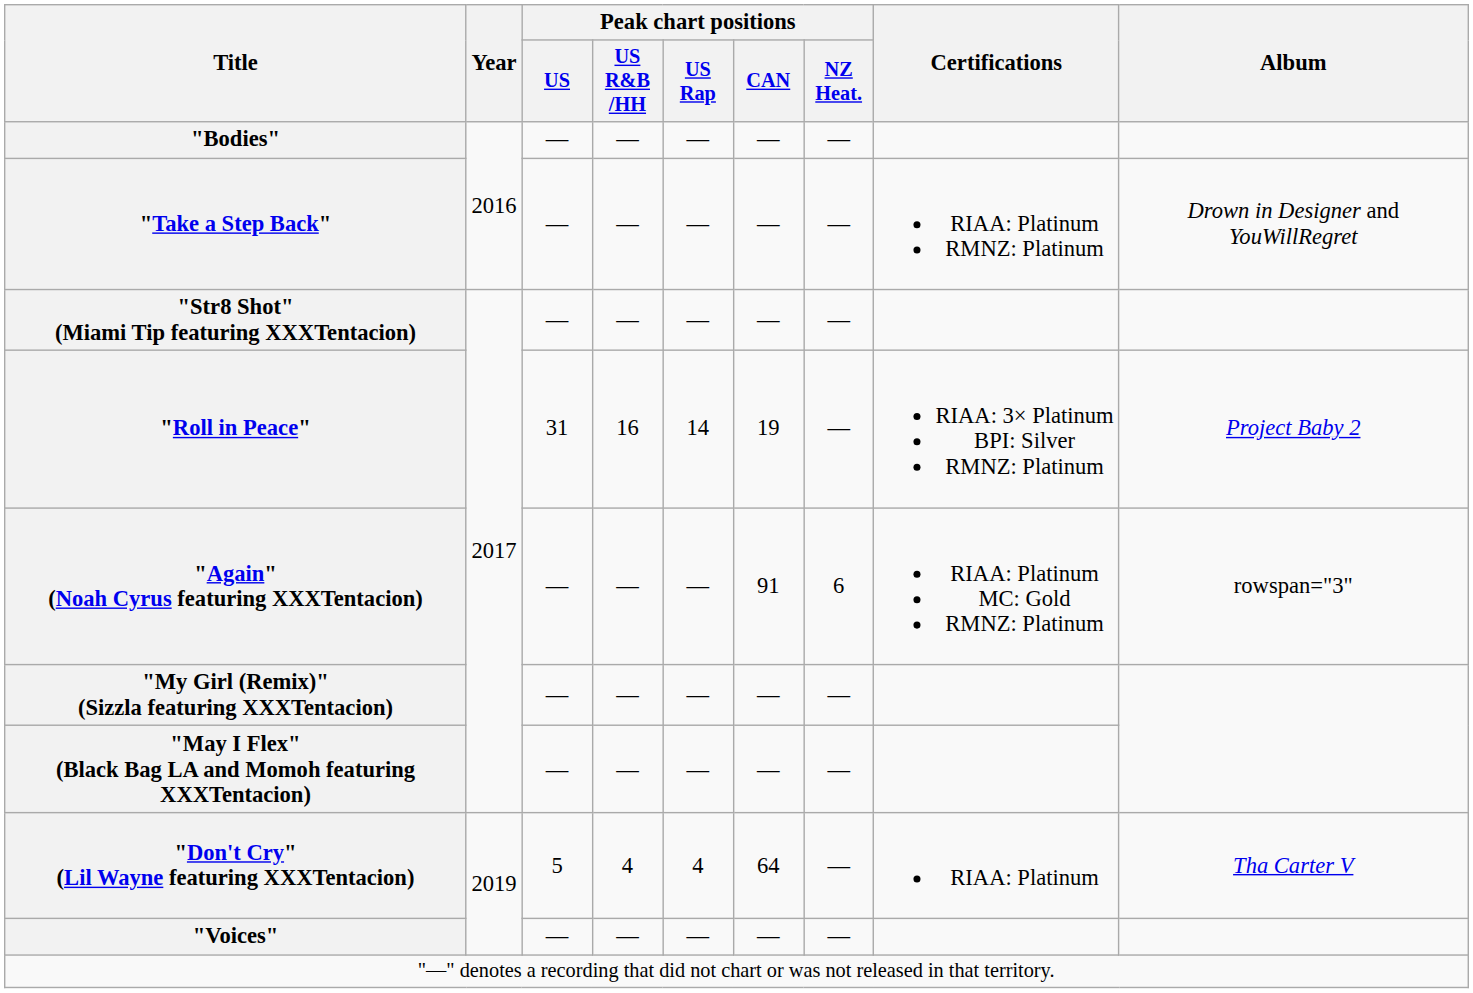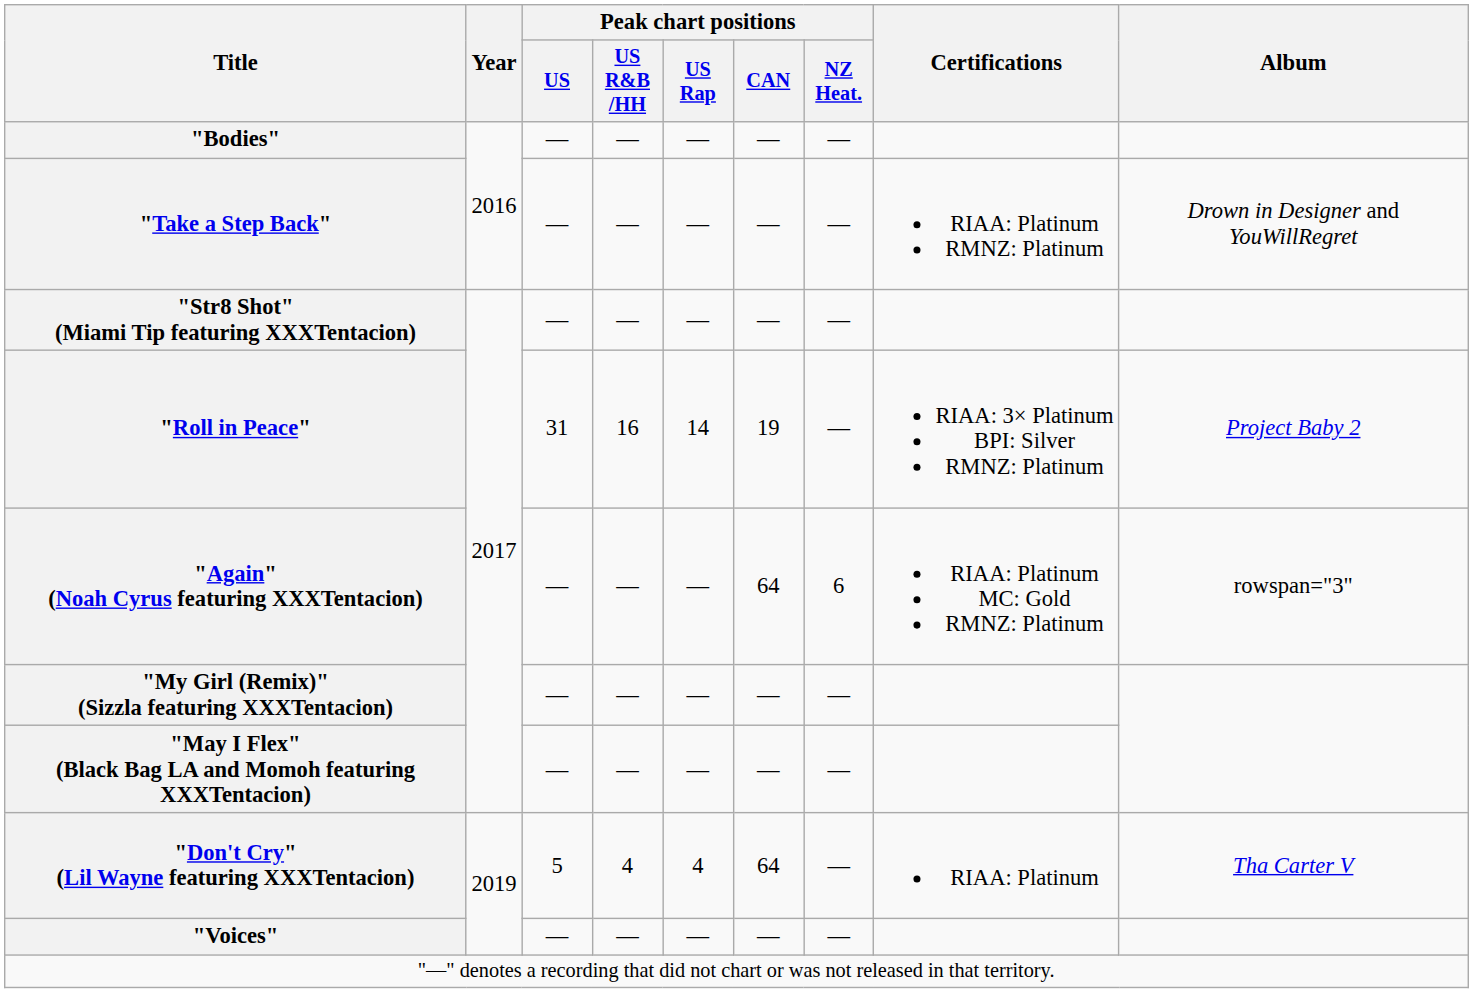 <table class="wikitable plainrowheaders" style="text-align:center;">
 <tr>
 <th scope="col" rowspan="2" style="width:20em;">Title</th>
 <th scope="col" rowspan="2" style="width:1em;">Year</th>
 <th scope="col" colspan="5">Peak chart positions</th>
 <th scope="col" rowspan="2">Certifications</th>
 <th scope="col" rowspan="2" style="width:15em;">Album</th>
 </tr>
 <tr>
 <th scope="col" style="width:3em;font-size:90%;"><a href='#'>US</a><br></th>
 <th scope="col" style="width:3em;font-size:90%;"><a href='#'>US<br>R&B<br>/HH</a><br></th>
 <th scope="col" style="width:3em;font-size:90%;"><a href='#'>US Rap</a><br></th>
 <th scope="col" style="width:3em;font-size:90%;"><a href='#'>CAN</a><br></th>
 <th scope="col" style="width:3em;font-size:90%;"><a href='#'>NZ<br>Heat.</a><br></th>
 </tr>
 <tr>
 <th scope="row">"Bodies"<br></th>
 <td rowspan="2">2016</td>
 <td>—</td>
 <td>—</td>
 <td>—</td>
 <td>—</td>
 <td>—</td>
 <td></td>
 <td></td>
 </tr>
 <tr>
 <th scope="row">"<a href='#'>Take a Step Back</a>"<br></th>
 <td>—</td>
 <td>—</td>
 <td>—</td>
 <td>—</td>
 <td>—</td>
 <td><br><ul><li>RIAA: Platinum</li><li>RMNZ: Platinum</li></ul></td>
 <td><em>Drown in Designer</em> and <em>YouWillRegret</em></td>
 </tr>
 <tr>
 <th scope="row">"Str8 Shot"<br><span>(Miami Tip featuring XXXTentacion)</span></th>
 <td rowspan="5">2017</td>
 <td>—</td>
 <td>—</td>
 <td>—</td>
 <td>—</td>
 <td>—</td>
 <td></td>
 <td></td>
 </tr>
 <tr>
 <th scope="row">"<a href='#'>Roll in Peace</a>"<br></th>
 <td>31</td>
 <td>16</td>
 <td>14</td>
 <td>19</td>
 <td>—</td>
 <td><br><ul><li>RIAA: 3× Platinum</li><li>BPI: Silver</li><li>RMNZ: Platinum</li></ul></td>
 <td><em><a href='#'>Project Baby 2</a></em></td>
 </tr>
 <tr>
 <th scope="row">"<a href='#'>Again</a>"<br><span>(<a href='#'>Noah Cyrus</a> featuring XXXTentacion)</span></th>
 <td>—</td>
 <td>—</td>
 <td>—</td>
-<td>91</td>
+<td>64</td>
 <td>6</td>
 <td><br><ul><li>RIAA: Platinum</li><li>MC: Gold</li><li>RMNZ: Platinum</li></ul></td>
 <td>rowspan="3" </td>
 </tr>
 <tr>
 <th scope="row">"My Girl (Remix)"<br><span>(Sizzla featuring XXXTentacion)</span></th>
 <td>—</td>
 <td>—</td>
 <td>—</td>
 <td>—</td>
 <td>—</td>
 <td></td>
 </tr>
 <tr>
 <th scope="row">"May I Flex"<br><span>(Black Bag LA and Momoh featuring XXXTentacion)</span></th>
 <td>—</td>
 <td>—</td>
 <td>—</td>
 <td>—</td>
 <td>—</td>
 <td></td>
 </tr>
 <tr>
 <th scope="row">"<a href='#'>Don't Cry</a>"<br><span>(<a href='#'>Lil Wayne</a> featuring XXXTentacion)</span></th>
 <td rowspan="2">2019</td>
 <td>5</td>
 <td>4</td>
 <td>4</td>
 <td>64</td>
 <td>—</td>
 <td><br><ul><li>RIAA: Platinum</li></ul></td>
 <td><em><a href='#'>Tha Carter V</a></em></td>
 </tr>
 <tr>
 <th scope="row">"Voices"<br></th>
 <td>—</td>
 <td>—</td>
 <td>—</td>
 <td>—</td>
 <td>—</td>
 <td></td>
 <td></td>
 </tr>
 <tr>
 <td colspan="9" style="font-size:90%">"—" denotes a recording that did not chart or was not released in that territory.</td>
 </tr>
 </table>
